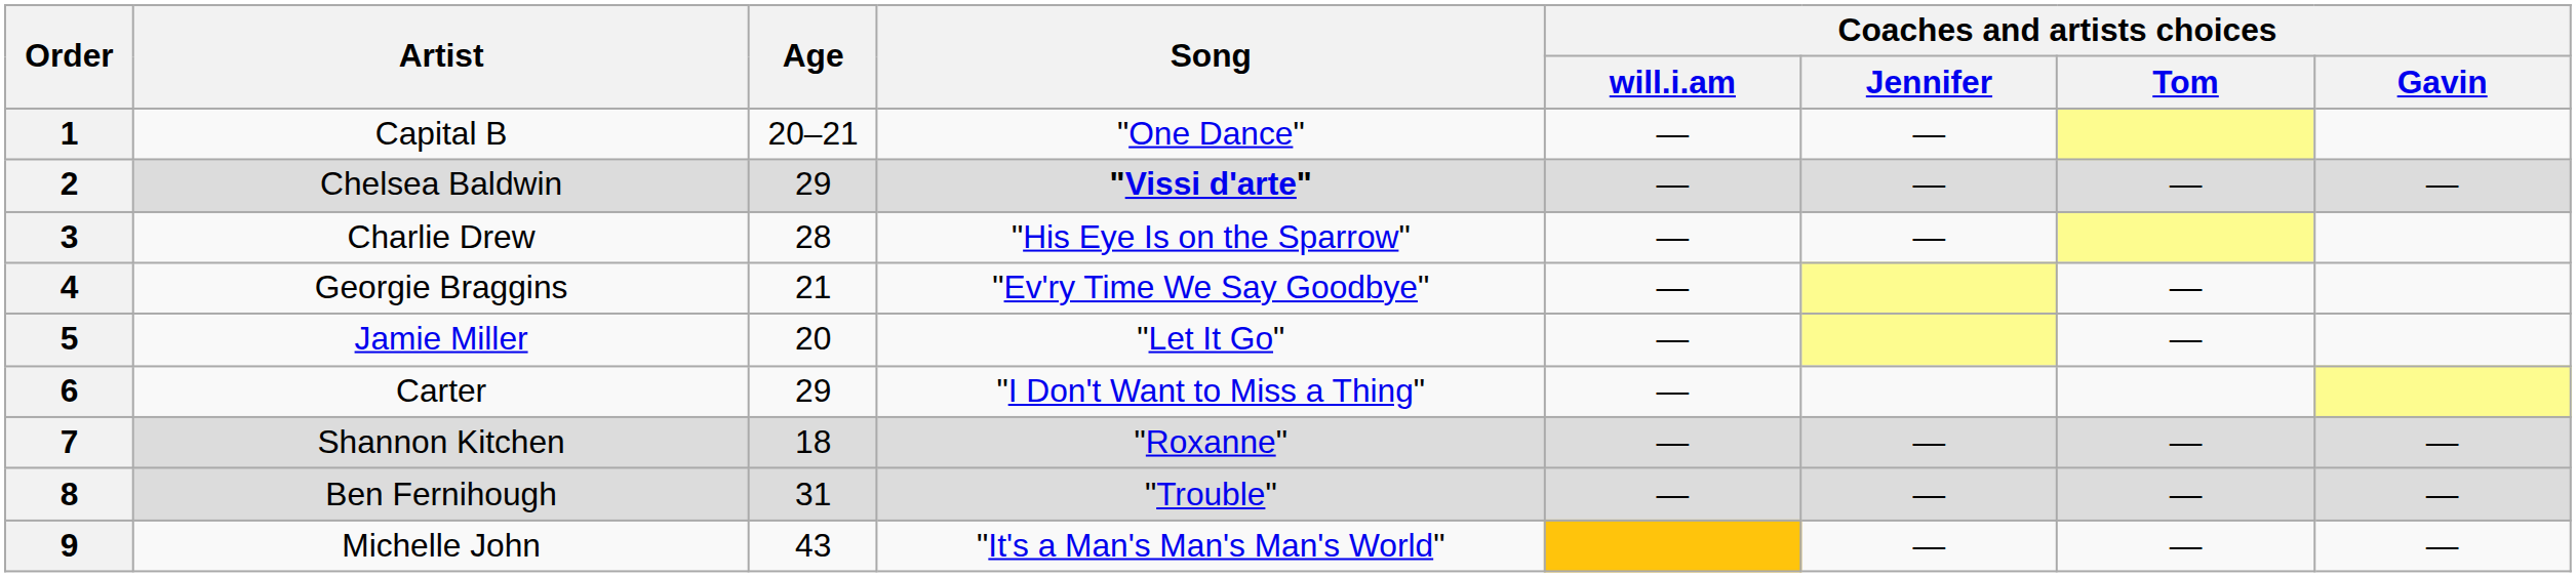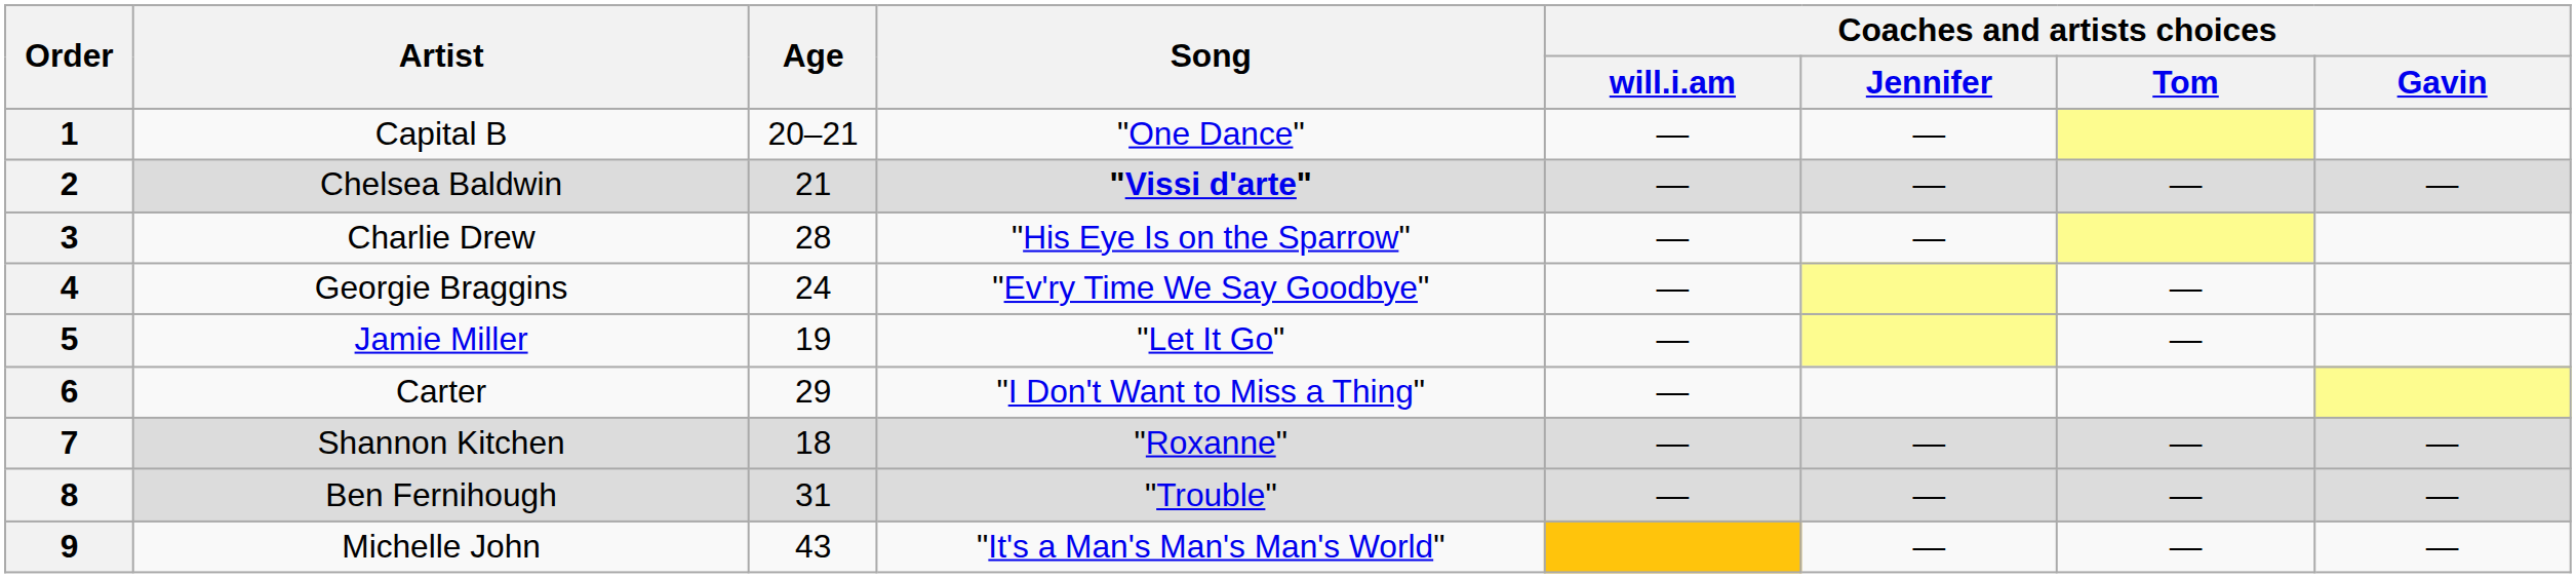 <table class="wikitable" style="text-align:center; width:100%;">
 <tr>
 <th scope="col" rowspan="2" style="width:05%;">Order</th>
 <th scope="col" rowspan="2" style="width:24%;">Artist</th>
 <th scope="col" rowspan="2" style="width:05%;">Age</th>
 <th scope="col" rowspan="2" style="width:26%;">Song</th>
 <th colspan="4" style="width:40%;">Coaches and artists choices</th>
 </tr>
 <tr>
 <th style="width:10%;"><a href='#'>will.i.am</a></th>
 <th style="width:10%;"><a href='#'>Jennifer</a></th>
 <th style="width:10%;"><a href='#'>Tom</a></th>
 <th style="width:10%;"><a href='#'>Gavin</a></th>
 </tr>
 <tr>
 <th>1</th>
 <td>Capital B</td>
 <td>20–21</td>
 <td>"<a href='#'>One Dance</a>"</td>
 <td>—</td>
 <td>—</td>
 <td style="background:#fdfc8f;"><strong></strong></td>
 <td><strong></strong></td>
 </tr>
 <tr style="background:#DCDCDC">
 <th>2</th>
 <td style="background:#DCDCDC; text-align:center;">Chelsea Baldwin</td>
-<td style="background:#DCDCDC; text-align:center;">29</td>
+<td style="background:#DCDCDC; text-align:center;">21</td>
 <td style="background:#DCDCDC; text-align:center;"><strong>"<a href='#'>Vissi d'arte</a>"</strong></td>
 <td>—</td>
 <td>—</td>
 <td>—</td>
 <td>—</td>
 </tr>
 <tr>
 <th>3</th>
 <td>Charlie Drew</td>
 <td>28</td>
 <td>"<a href='#'>His Eye Is on the Sparrow</a>"</td>
 <td>—</td>
 <td>—</td>
 <td style="background:#fdfc8f;"><strong></strong></td>
 <td><strong></strong></td>
 </tr>
 <tr>
 <th>4</th>
 <td>Georgie Braggins</td>
-<td>21</td>
+<td>24</td>
 <td>"<a href='#'>Ev'ry Time We Say Goodbye</a>"</td>
 <td>—</td>
 <td style="background:#fdfc8f;"><strong></strong></td>
 <td>—</td>
 <td><strong></strong></td>
 </tr>
 <tr>
 <th>5</th>
 <td><a href='#'>Jamie Miller</a></td>
-<td>20</td>
+<td>19</td>
 <td>"<a href='#'>Let It Go</a>"</td>
 <td>—</td>
 <td style="background:#fdfc8f;"><strong></strong></td>
 <td>—</td>
 <td><strong></strong></td>
 </tr>
 <tr>
 <th>6</th>
 <td>Carter</td>
 <td>29</td>
 <td>"<a href='#'>I Don't Want to Miss a Thing</a>"</td>
 <td>—</td>
 <td><strong></strong></td>
 <td><strong></strong></td>
 <td style="background:#fdfc8f;"><strong></strong></td>
 </tr>
 <tr style="background:#DCDCDC">
 <th>7</th>
 <td style="background:#DCDCDC; text-align:center;">Shannon Kitchen</td>
 <td style="background:#DCDCDC; text-align:center;">18</td>
 <td style="background:#DCDCDC; text-align:center;">"<a href='#'>Roxanne</a>"</td>
 <td>—</td>
 <td>—</td>
 <td>—</td>
 <td>—</td>
 </tr>
 <tr style="background:#DCDCDC">
 <th>8</th>
 <td style="background:#DCDCDC; text-align:center;">Ben Fernihough</td>
 <td style="background:#DCDCDC; text-align:center;">31</td>
 <td style="background:#DCDCDC; text-align:center;">"<a href='#'>Trouble</a>"</td>
 <td>—</td>
 <td>—</td>
 <td>—</td>
 <td>—</td>
 </tr>
 <tr>
 <th>9</th>
 <td>Michelle John</td>
 <td>43</td>
 <td>"<a href='#'>It's a Man's Man's Man's World</a>"</td>
 <td style="background:#FFC40C;text-align:center;"><strong></strong></td>
 <td>—</td>
 <td>—</td>
 <td>—</td>
 </tr>
 </table>
